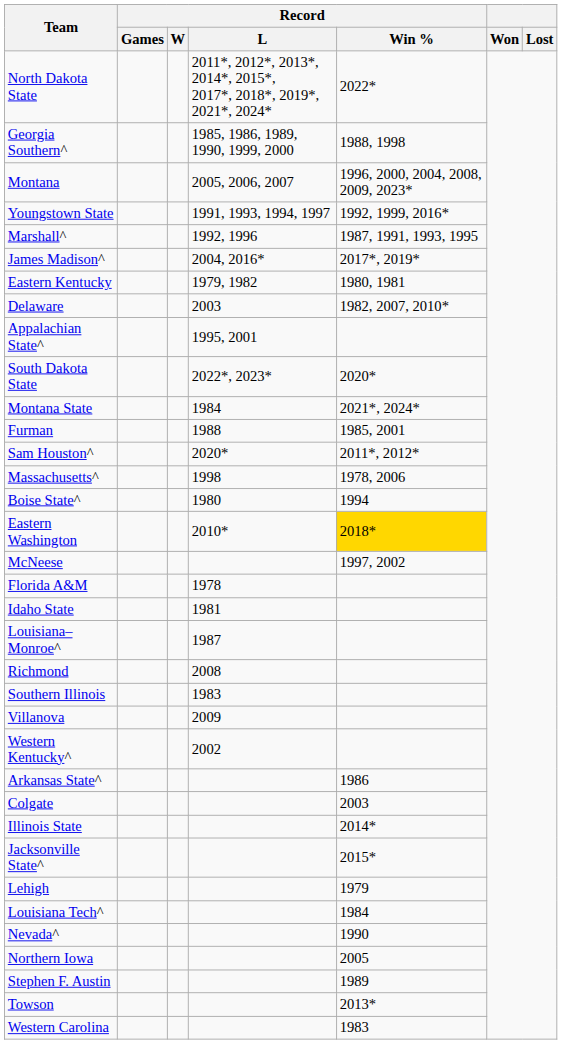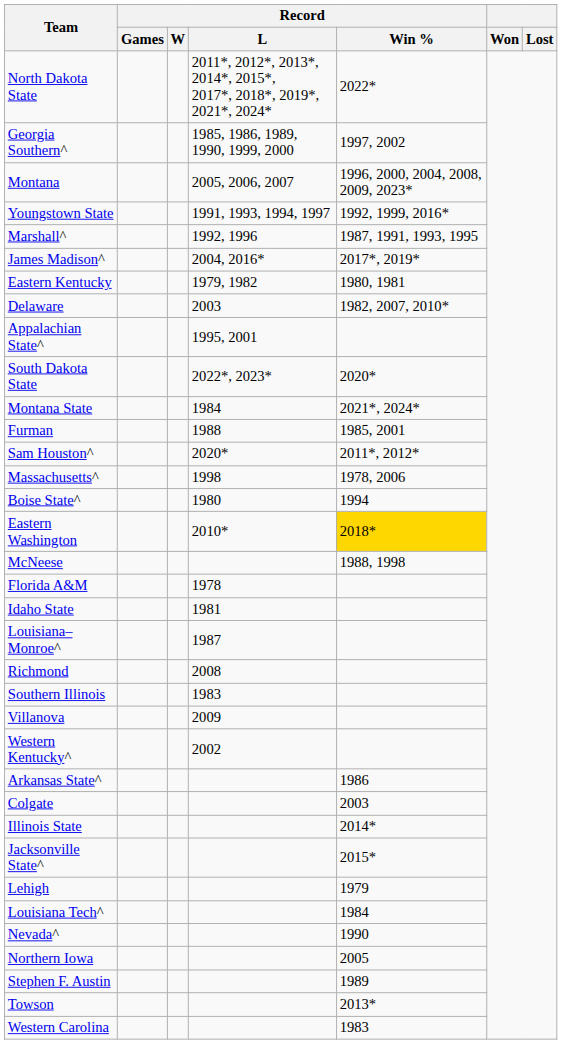 <table class="wikitable sortable">
 <tr>
 <th rowspan=2 ! width=px>Team</th>
 <th colspan=4 ! width=px>Record</th>
 <th colspan=2 ! width=px></th>
 </tr>
 <tr>
 <th width=px>Games</th>
 <th width=px>W</th>
 <th width=px>L</th>
 <th width=px>Win %</th>
 <th width=px>Won</th>
 <th width=px>Lost</th>
 </tr>
 <tr>
 <td><a href='#'>North Dakota State</a></td>
 <td></td>
 <td></td>
 <td>2011*, 2012*, 2013*, 2014*, 2015*,<br>2017*, 2018*, 2019*, 2021*, 2024*</td>
 <td>2022*</td>
 </tr>
 <tr>
 <td><a href='#'>Georgia Southern</a>^</td>
 <td></td>
 <td></td>
 <td>1985, 1986, 1989, 1990, 1999, 2000</td>
-<td>1988, 1998</td>
+<td>1997, 2002</td>
 </tr>
 <tr>
 <td><a href='#'>Montana</a></td>
 <td></td>
 <td></td>
 <td>2005, 2006, 2007</td>
 <td>1996, 2000, 2004, 2008, 2009, 2023*</td>
 </tr>
 <tr>
 <td><a href='#'>Youngstown State</a></td>
 <td></td>
 <td></td>
 <td>1991, 1993, 1994, 1997</td>
 <td>1992, 1999, 2016*</td>
 </tr>
 <tr>
 <td><a href='#'>Marshall</a>^</td>
 <td></td>
 <td></td>
 <td>1992, 1996</td>
 <td>1987, 1991, 1993, 1995</td>
 </tr>
 <tr>
 <td><a href='#'>James Madison</a>^</td>
 <td></td>
 <td></td>
 <td>2004, 2016*</td>
 <td>2017*, 2019*</td>
 </tr>
 <tr>
 <td><a href='#'>Eastern Kentucky</a></td>
 <td></td>
 <td></td>
 <td>1979, 1982</td>
 <td>1980, 1981</td>
 </tr>
 <tr>
 <td><a href='#'>Delaware</a></td>
 <td></td>
 <td></td>
 <td>2003</td>
 <td>1982, 2007, 2010*</td>
 </tr>
 <tr>
 <td><a href='#'>Appalachian State</a>^</td>
 <td></td>
 <td></td>
 <td>1995, 2001</td>
 <td></td>
 </tr>
 <tr>
 <td><a href='#'>South Dakota State</a></td>
 <td></td>
 <td></td>
 <td>2022*, 2023*</td>
 <td>2020*</td>
 </tr>
 <tr>
 <td><a href='#'>Montana State</a></td>
 <td></td>
 <td></td>
 <td>1984</td>
 <td>2021*, 2024*</td>
 </tr>
 <tr>
 <td><a href='#'>Furman</a></td>
 <td></td>
 <td></td>
 <td>1988</td>
 <td>1985, 2001</td>
 </tr>
 <tr>
 <td><a href='#'>Sam Houston</a>^</td>
 <td></td>
 <td></td>
 <td>2020*</td>
 <td>2011*, 2012*</td>
 </tr>
 <tr>
 <td><a href='#'>Massachusetts</a>^</td>
 <td></td>
 <td></td>
 <td>1998</td>
 <td>1978, 2006</td>
 </tr>
 <tr>
 <td><a href='#'>Boise State</a>^</td>
 <td></td>
 <td></td>
 <td>1980</td>
 <td>1994</td>
 </tr>
 <tr>
 <td><a href='#'>Eastern Washington</a></td>
 <td></td>
 <td></td>
 <td>2010*</td>
 <td style="background: gold;">2018*</td>
 </tr>
 <tr>
 <td><a href='#'>McNeese</a></td>
 <td></td>
 <td></td>
 <td></td>
-<td>1997, 2002</td>
+<td>1988, 1998</td>
 </tr>
 <tr>
 <td><a href='#'>Florida A&M</a></td>
 <td></td>
 <td></td>
 <td>1978</td>
 <td></td>
 </tr>
 <tr>
 <td><a href='#'>Idaho State</a></td>
 <td></td>
 <td></td>
 <td>1981</td>
 <td></td>
 </tr>
 <tr>
 <td><a href='#'>Louisiana–Monroe</a>^</td>
 <td></td>
 <td></td>
 <td>1987</td>
 <td></td>
 </tr>
 <tr>
 <td><a href='#'>Richmond</a></td>
 <td></td>
 <td></td>
 <td>2008</td>
 <td></td>
 </tr>
 <tr>
 <td><a href='#'>Southern Illinois</a></td>
 <td></td>
 <td></td>
 <td>1983</td>
 <td></td>
 </tr>
 <tr>
 <td><a href='#'>Villanova</a></td>
 <td></td>
 <td></td>
 <td>2009</td>
 <td></td>
 </tr>
 <tr>
 <td><a href='#'>Western Kentucky</a>^</td>
 <td></td>
 <td></td>
 <td>2002</td>
 <td></td>
 </tr>
 <tr>
 <td><a href='#'>Arkansas State</a>^</td>
 <td></td>
 <td></td>
 <td></td>
 <td>1986</td>
 </tr>
 <tr>
 <td><a href='#'>Colgate</a></td>
 <td></td>
 <td></td>
 <td></td>
 <td>2003</td>
 </tr>
 <tr>
 <td><a href='#'>Illinois State</a></td>
 <td></td>
 <td></td>
 <td></td>
 <td>2014*</td>
 </tr>
 <tr>
 <td><a href='#'>Jacksonville State</a>^</td>
 <td></td>
 <td></td>
 <td></td>
 <td>2015*</td>
 </tr>
 <tr>
 <td><a href='#'>Lehigh</a></td>
 <td></td>
 <td></td>
 <td></td>
 <td>1979</td>
 </tr>
 <tr>
 <td><a href='#'>Louisiana Tech</a>^</td>
 <td></td>
 <td></td>
 <td></td>
 <td>1984</td>
 </tr>
 <tr>
 <td><a href='#'>Nevada</a>^</td>
 <td></td>
 <td></td>
 <td></td>
 <td>1990</td>
 </tr>
 <tr>
 <td><a href='#'>Northern Iowa</a></td>
 <td></td>
 <td></td>
 <td></td>
 <td>2005</td>
 </tr>
 <tr>
 <td><a href='#'>Stephen F. Austin</a></td>
 <td></td>
 <td></td>
 <td></td>
 <td>1989</td>
 </tr>
 <tr>
 <td><a href='#'>Towson</a></td>
 <td></td>
 <td></td>
 <td></td>
 <td>2013*</td>
 </tr>
 <tr>
 <td><a href='#'>Western Carolina</a></td>
 <td></td>
 <td></td>
 <td></td>
 <td>1983</td>
 </tr>
 </table>
